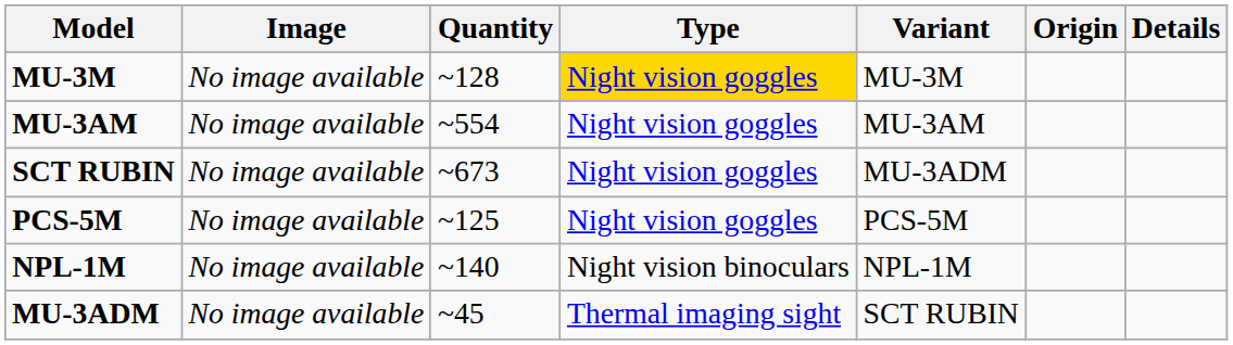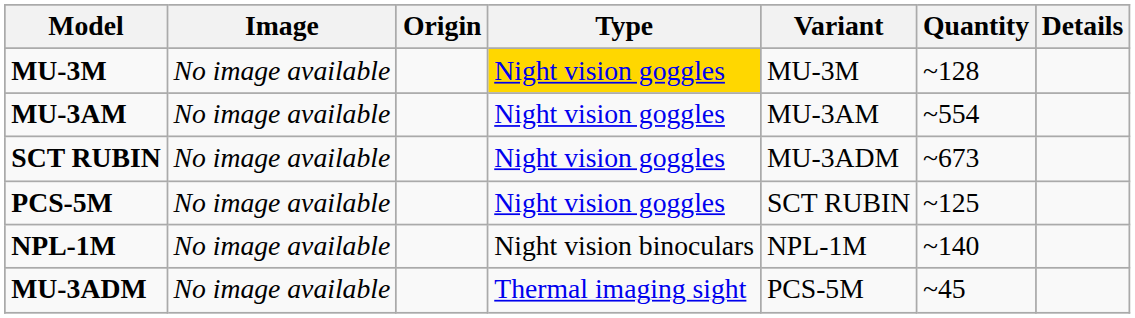 <table class="wikitable">
 <tr>
 <th>Model</th>
 <th>Image</th>
-<th>Quantity</th>
+<th>Origin</th>
 <th>Type</th>
 <th>Variant</th>
-<th>Origin</th>
+<th>Quantity</th>
 <th>Details</th>
 </tr>
 <tr>
 <td><strong>MU-3M</strong></td>
 <td style="text-align: center;"><em>No image available</em></td>
-<td>~128</td>
+<td><small></small></td>
 <td style="background: gold;"><a href='#'>Night vision goggles</a></td>
 <td>MU-3M</td>
-<td><small></small></td>
+<td>~128</td>
 <td></td>
 </tr>
 <tr>
 <td><strong>MU-3AM</strong></td>
 <td style="text-align: center;"><em>No image available</em></td>
-<td>~554</td>
+<td><small></small></td>
 <td><a href='#'>Night vision goggles</a></td>
 <td>MU-3AM</td>
-<td><small></small></td>
+<td>~554</td>
 <td></td>
 </tr>
 <tr>
 <td><strong>SCT RUBIN</strong></td>
 <td style="text-align: center;"><em>No image available</em></td>
-<td>~673</td>
+<td><small></small></td>
 <td><a href='#'>Night vision goggles</a></td>
 <td>MU-3ADM</td>
-<td><small></small></td>
+<td>~673</td>
 <td></td>
 </tr>
 <tr>
 <td><strong>PCS-5M</strong></td>
 <td style="text-align: center;"><em>No image available</em></td>
+<td><small></small></td>
+<td><a href='#'>Night vision goggles</a></td>
+<td>SCT RUBIN</td>
 <td>~125</td>
-<td><a href='#'>Night vision goggles</a></td>
-<td>PCS-5M</td>
-<td><small></small></td>
 <td></td>
 </tr>
 <tr>
 <td><strong>NPL-1M</strong></td>
 <td style="text-align: center;"><em>No image available</em></td>
-<td>~140</td>
+<td><small></small></td>
 <td>Night vision binoculars</td>
 <td>NPL-1M</td>
-<td><small></small></td>
+<td>~140</td>
 <td></td>
 </tr>
 <tr>
 <td><strong>MU-3ADM</strong></td>
 <td style="text-align: center;"><em>No image available</em></td>
+<td><small></small></td>
+<td><a href='#'>Thermal imaging sight</a></td>
+<td>PCS-5M</td>
 <td>~45 </td>
-<td><a href='#'>Thermal imaging sight</a></td>
-<td>SCT RUBIN</td>
-<td><small></small></td>
 <td></td>
 </tr>
 </table>
